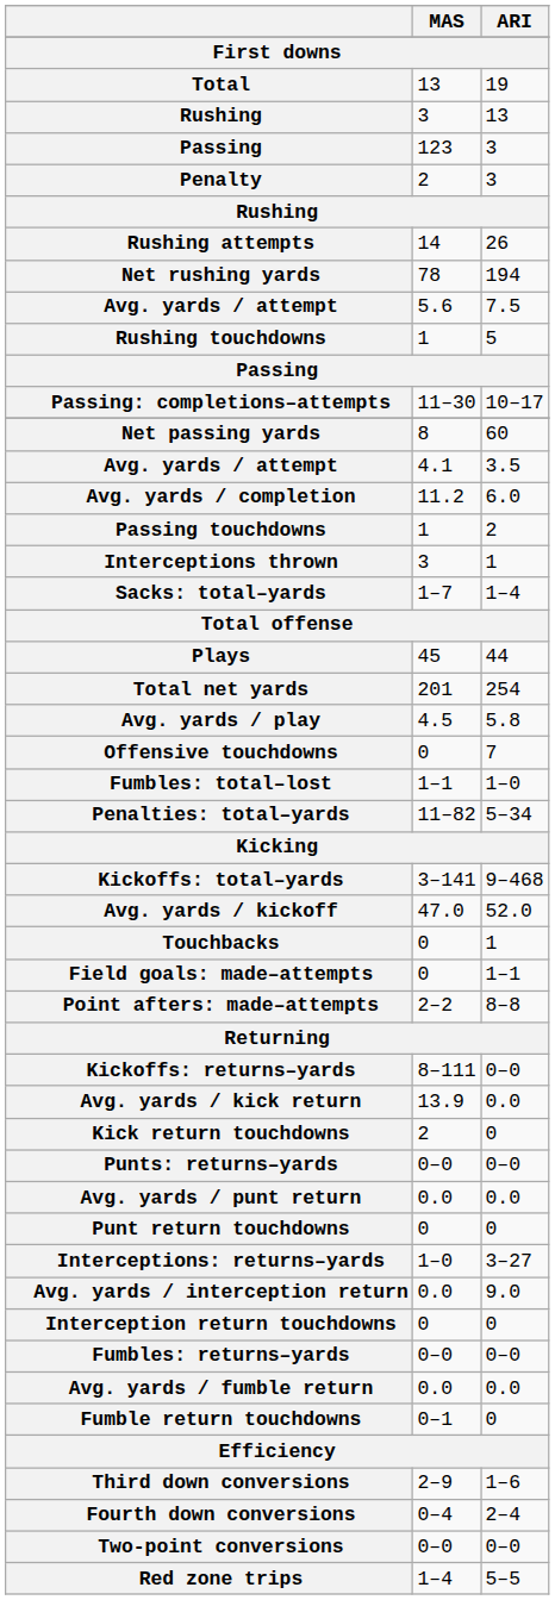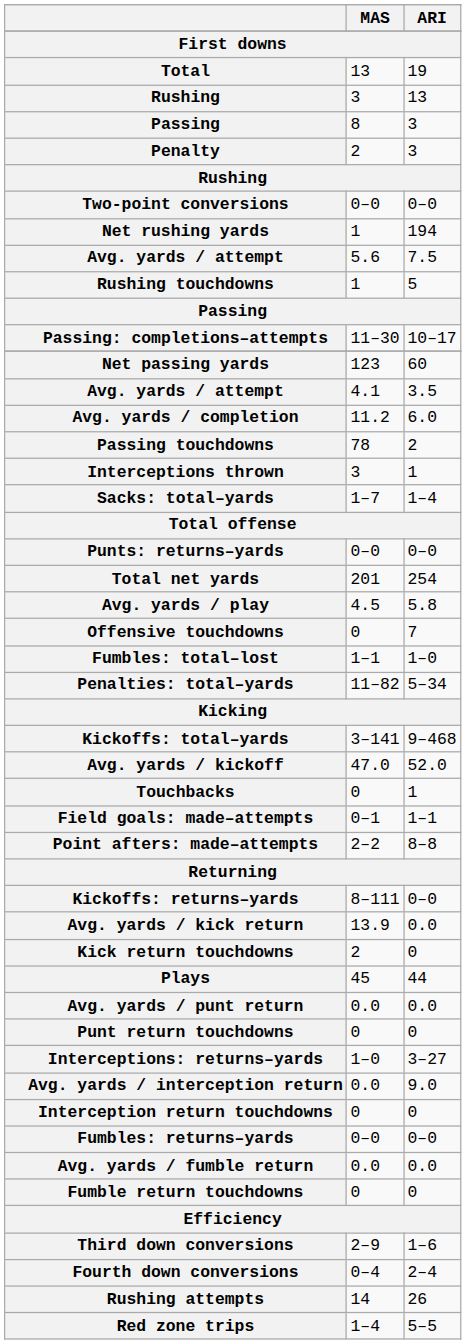 <table class="wikitable plainrowheaders">
 <tr>
 </tr>
 <tr>
 <th></th>
 <th>MAS</th>
 <th>ARI</th>
 </tr>
 <tr>
 </tr>
 <tr>
 <th colspan="3" scope="row"><strong>First downs</strong></th>
 </tr>
 <tr>
 <th scope="row">  Total</th>
 <td>13</td>
 <td>19</td>
 </tr>
 <tr>
 <th scope="row">  Rushing</th>
 <td>3</td>
 <td>13</td>
 </tr>
 <tr>
 <th scope="row">  Passing</th>
-<td>123</td>
+<td>8</td>
 <td>3</td>
 </tr>
 <tr>
 <th scope="row">  Penalty</th>
 <td>2</td>
 <td>3</td>
 </tr>
 <tr>
 <th colspan="3" scope="row"><strong>Rushing</strong></th>
 </tr>
 <tr>
-<th scope="row">  Rushing attempts</th>
-<td>14</td>
-<td>26</td>
+<th scope="row">  Two-point conversions</th>
+<td>0–0</td>
+<td>0–0</td>
 </tr>
 <tr>
 <th scope="row">  Net rushing yards</th>
-<td>78</td>
+<td>1</td>
 <td>194</td>
 </tr>
 <tr>
 <th scope="row">  Avg. yards / attempt</th>
 <td>5.6</td>
 <td>7.5</td>
 </tr>
 <tr>
 <th scope="row">  Rushing touchdowns</th>
 <td>1</td>
 <td>5</td>
 </tr>
 <tr>
 <th colspan="3" scope="row"><strong>Passing</strong></th>
 </tr>
 <tr>
 <th scope="row">  Passing: completions–attempts</th>
 <td>11–30</td>
 <td>10–17</td>
 </tr>
 <tr>
 </tr>
 <tr>
 <th scope="row">  Net passing yards</th>
-<td>8</td>
+<td>123</td>
 <td>60</td>
 </tr>
 <tr>
 <th scope="row">  Avg. yards / attempt</th>
 <td>4.1</td>
 <td>3.5</td>
 </tr>
 <tr>
 <th scope="row">  Avg. yards / completion</th>
 <td>11.2</td>
 <td>6.0</td>
 </tr>
 <tr>
 <th scope="row">  Passing touchdowns</th>
-<td>1</td>
+<td>78</td>
 <td>2</td>
 </tr>
 <tr>
 <th scope="row">  Interceptions thrown</th>
 <td>3</td>
 <td>1</td>
 </tr>
 <tr>
 <th scope="row">  Sacks: total–yards</th>
 <td>1–7</td>
 <td>1–4</td>
 </tr>
 <tr>
 <th colspan="3" scope="row"><strong>Total offense</strong></th>
 </tr>
 <tr>
-<th scope="row">  Plays</th>
-<td>45</td>
-<td>44</td>
+<th scope="row">  Punts: returns–yards</th>
+<td>0–0</td>
+<td>0–0</td>
 </tr>
 <tr>
 <th scope="row">  Total net yards</th>
 <td>201</td>
 <td>254</td>
 </tr>
 <tr>
 <th scope="row">  Avg. yards / play</th>
 <td>4.5</td>
 <td>5.8</td>
 </tr>
 <tr>
 <th scope="row">  Offensive touchdowns</th>
 <td>0</td>
 <td>7</td>
 </tr>
 <tr>
 <th scope="row">  Fumbles: total–lost</th>
 <td>1–1</td>
 <td>1–0</td>
 </tr>
 <tr>
 <th scope="row">  Penalties: total–yards</th>
 <td>11–82</td>
 <td>5–34</td>
 </tr>
 <tr>
 <th colspan="3" scope="row"><strong>Kicking</strong></th>
 </tr>
 <tr>
 <th scope="row">  Kickoffs: total–yards</th>
 <td>3–141</td>
 <td>9–468</td>
 </tr>
 <tr>
 <th scope="row">  Avg. yards / kickoff</th>
 <td>47.0</td>
 <td>52.0</td>
 </tr>
 <tr>
 <th scope="row">  Touchbacks</th>
 <td>0</td>
 <td>1</td>
 </tr>
 <tr>
 <th scope="row">  Field goals: made–attempts</th>
-<td>0</td>
+<td>0–1</td>
 <td>1–1</td>
 </tr>
 <tr>
 <th scope="row">  Point afters: made–attempts</th>
 <td>2–2</td>
 <td>8–8</td>
 </tr>
 <tr>
 <th colspan="3" scope="row"><strong>Returning</strong></th>
 </tr>
 <tr>
 <th scope="row">  Kickoffs: returns–yards</th>
 <td>8–111</td>
 <td>0–0</td>
 </tr>
 <tr>
 <th scope="row">  Avg. yards / kick return</th>
 <td>13.9</td>
 <td>0.0</td>
 </tr>
 <tr>
 <th scope="row">  Kick return touchdowns</th>
 <td>2</td>
 <td>0</td>
 </tr>
 <tr>
-<th scope="row">  Punts: returns–yards</th>
-<td>0–0</td>
-<td>0–0</td>
+<th scope="row">  Plays</th>
+<td>45</td>
+<td>44</td>
 </tr>
 <tr>
 <th scope="row">  Avg. yards / punt return</th>
 <td>0.0</td>
 <td>0.0</td>
 </tr>
 <tr>
 <th scope="row">  Punt return touchdowns</th>
 <td>0</td>
 <td>0</td>
 </tr>
 <tr>
 <th scope="row">  Interceptions: returns–yards</th>
 <td>1–0</td>
 <td>3–27</td>
 </tr>
 <tr>
 <th scope="row">  Avg. yards / interception return</th>
 <td>0.0</td>
 <td>9.0</td>
 </tr>
 <tr>
 <th scope="row">  Interception return touchdowns</th>
 <td>0</td>
 <td>0</td>
 </tr>
 <tr>
 <th scope="row">  Fumbles: returns–yards</th>
 <td>0–0</td>
 <td>0–0</td>
 </tr>
 <tr>
 <th scope="row">  Avg. yards / fumble return</th>
 <td>0.0</td>
 <td>0.0</td>
 </tr>
 <tr>
 <th scope="row">  Fumble return touchdowns</th>
-<td>0–1</td>
+<td>0</td>
 <td>0</td>
 </tr>
 <tr>
 <th colspan="3" scope="row"><strong>Efficiency</strong></th>
 </tr>
 <tr>
 <th scope="row">  Third down conversions</th>
 <td>2–9</td>
 <td>1–6</td>
 </tr>
 <tr>
 <th scope="row">  Fourth down conversions</th>
 <td>0–4</td>
 <td>2–4</td>
 </tr>
 <tr>
-<th scope="row">  Two-point conversions</th>
-<td>0–0</td>
-<td>0–0</td>
+<th scope="row">  Rushing attempts</th>
+<td>14</td>
+<td>26</td>
 </tr>
 <tr>
 <th scope="row">  Red zone trips</th>
 <td>1–4</td>
 <td>5–5</td>
 </tr>
 </table>
